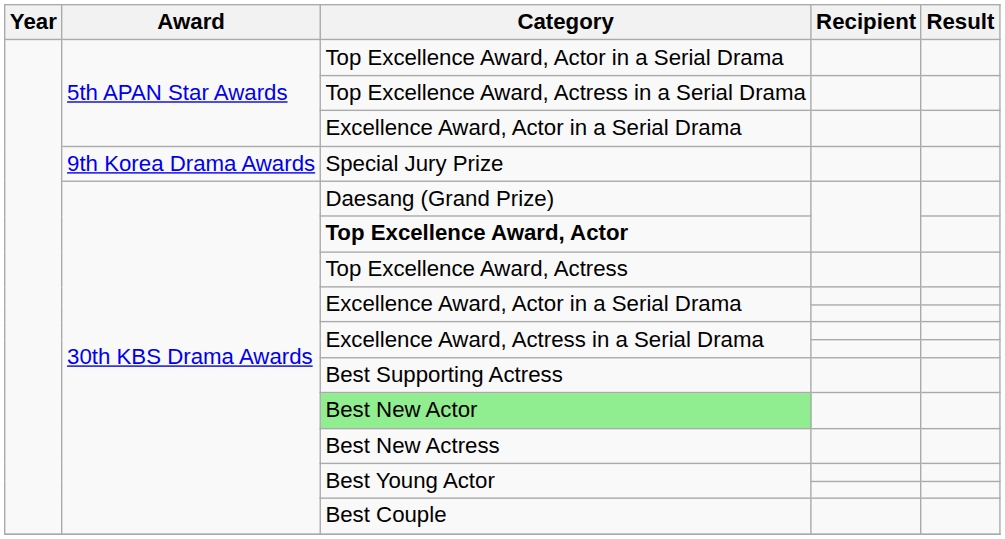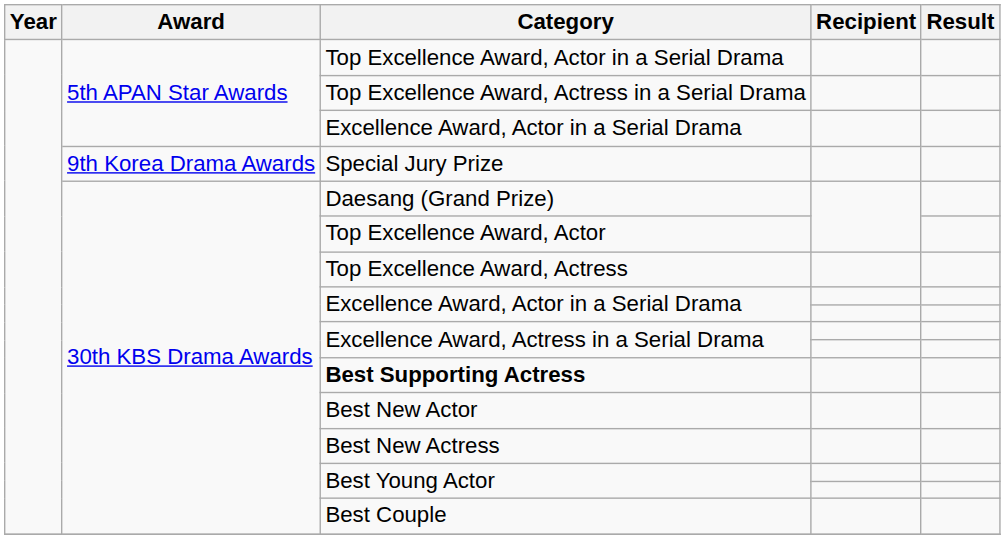 <table class="wikitable">
 <tr>
 <th>Year</th>
 <th>Award</th>
 <th>Category</th>
 <th>Recipient</th>
 <th>Result</th>
 </tr>
 <tr>
 <td rowspan="17"></td>
 <td rowspan="3"><a href='#'>5th APAN Star Awards</a></td>
 <td>Top Excellence Award, Actor in a Serial Drama</td>
 <td></td>
 <td></td>
 </tr>
 <tr>
 <td>Top Excellence Award, Actress in a Serial Drama</td>
 <td></td>
 <td></td>
 </tr>
 <tr>
 <td>Excellence Award, Actor in a Serial Drama</td>
 <td></td>
 <td></td>
 </tr>
 <tr>
 <td><a href='#'>9th Korea Drama Awards</a></td>
 <td>Special Jury Prize</td>
 <td></td>
 <td></td>
 </tr>
 <tr>
 <td rowspan="13"><a href='#'>30th KBS Drama Awards</a></td>
 <td>Daesang (Grand Prize)</td>
 <td rowspan="2"></td>
 <td></td>
 </tr>
 <tr>
-<td><strong>Top Excellence Award, Actor</strong></td>
+<td>Top Excellence Award, Actor</td>
 <td></td>
 </tr>
 <tr>
 <td>Top Excellence Award, Actress</td>
 <td></td>
 <td></td>
 </tr>
 <tr>
 <td rowspan="2">Excellence Award, Actor in a Serial Drama</td>
 <td></td>
 <td></td>
 </tr>
 <tr>
 <td></td>
 <td></td>
 </tr>
 <tr>
 <td rowspan="2">Excellence Award, Actress in a Serial Drama</td>
 <td></td>
 <td></td>
 </tr>
 <tr>
 <td></td>
 <td></td>
 </tr>
 <tr>
-<td>Best Supporting Actress</td>
+<td><strong>Best Supporting Actress</strong></td>
 <td></td>
 <td></td>
 </tr>
 <tr>
-<td style="background: lightgreen;">Best New Actor</td>
+<td>Best New Actor</td>
 <td></td>
 <td></td>
 </tr>
 <tr>
 <td>Best New Actress</td>
 <td></td>
 <td></td>
 </tr>
 <tr>
 <td rowspan="2">Best Young Actor</td>
 <td></td>
 <td></td>
 </tr>
 <tr>
 <td></td>
 <td></td>
 </tr>
 <tr>
 <td>Best Couple</td>
 <td></td>
 <td></td>
 </tr>
 <tr>
 </tr>
 </table>
